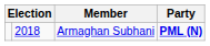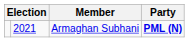 <table class="wikitable">
 <tr>
 <th colspan="2">Election</th>
 <th>Member</th>
 <th>Party</th>
 </tr>
 <tr>
 <td style="background-color: "></td>
-<td><a href='#'>2018</a></td>
+<td><a href='#'>2021</a></td>
 <td><a href='#'>Armaghan Subhani</a></td>
 <td><strong><a href='#'>PML (N)</a></strong></td>
 </tr>
 </table>
